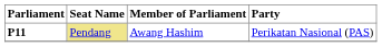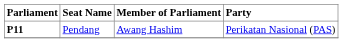 <table class="toccolours sortable" cellpadding="3" border="1" style="border-collapse:collapse; text-align: left;">
 <tr>
 <th align="center">Parliament</th>
 <th>Seat Name</th>
 <th>Member of Parliament</th>
 <th>Party</th>
 </tr>
 <tr>
 <th align="left">P11</th>
-<td style="background: khaki;"><a href='#'>Pendang</a></td>
+<td><a href='#'>Pendang</a></td>
 <td><a href='#'>Awang Hashim</a></td>
 <td><a href='#'>Perikatan Nasional</a> (<a href='#'>PAS</a>)</td>
 </tr>
 <tr>
 </tr>
 </table>
